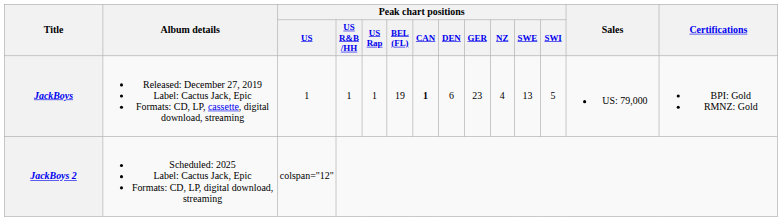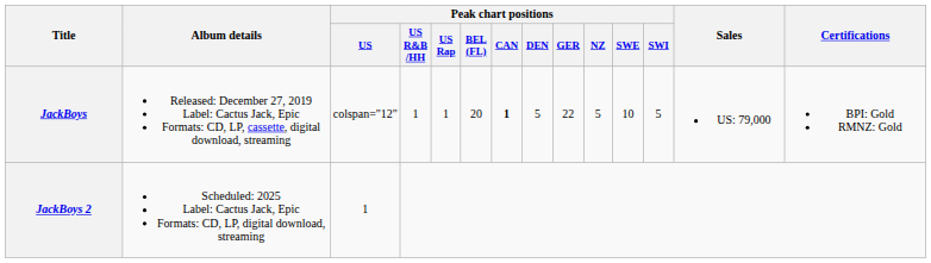 <table class="wikitable plainrowheaders" style="text-align:center;">
 <tr>
 <th scope="col" rowspan="2" style="width:11em;">Title</th>
 <th scope="col" rowspan="2" style="width:20em;">Album details</th>
 <th scope="col" colspan="10">Peak chart positions</th>
 <th scope="col" rowspan="2" style="width:10em;">Sales</th>
 <th scope="col" rowspan="2" style="width:13em;"><a href='#'>Certifications</a></th>
 </tr>
 <tr>
 <th scope="col" style="width:2.5em;font-size:90%;"><a href='#'>US</a><br></th>
 <th scope="col" style="width:2.5em;font-size:90%;"><a href='#'>US<br>R&B<br>/HH</a><br></th>
 <th scope="col" style="width:2.5em;font-size:90%;"><a href='#'>US Rap</a><br></th>
 <th scope="col" style="width:2.5em;font-size:90%;"><a href='#'>BEL<br>(FL)</a><br></th>
 <th scope="col" style="width:2.5em;font-size:90%;"><a href='#'>CAN</a><br></th>
 <th scope="col" style="width:2.5em;font-size:90%;"><a href='#'>DEN</a><br></th>
 <th scope="col" style="width:2.5em;font-size:90%;"><a href='#'>GER</a><br></th>
 <th scope="col" style="width:2.5em;font-size:90%;"><a href='#'>NZ</a><br></th>
 <th scope="col" style="width:2.5em;font-size:90%;"><a href='#'>SWE</a><br></th>
 <th scope="col" style="width:2.5em;font-size:90%;"><a href='#'>SWI</a><br></th>
 </tr>
 <tr>
 <th scope="row"><em><a href='#'>JackBoys</a></em><br></th>
 <td><br><ul><li>Released: December 27, 2019</li><li>Label: Cactus Jack, Epic</li><li>Formats: CD, LP, <a href='#'>cassette</a>, digital download, streaming</li></ul></td>
+<td>colspan="12" </td>
 <td>1</td>
 <td>1</td>
-<td>1</td>
-<td>19</td>
+<td>20</td>
 <td><strong>1</strong></td>
-<td>6</td>
-<td>23</td>
-<td>4</td>
-<td>13</td>
+<td>5</td>
+<td>22</td>
+<td>5</td>
+<td>10</td>
 <td>5</td>
 <td><br><ul><li>US: 79,000</li></ul></td>
 <td><br><ul><li>BPI: Gold</li><li>RMNZ: Gold</li></ul></td>
 </tr>
 <tr>
 <th scope="row"><em><a href='#'>JackBoys 2</a></em><br></th>
 <td><br><ul><li>Scheduled: 2025</li><li>Label: Cactus Jack, Epic</li><li>Formats: CD, LP, digital download, streaming</li></ul></td>
-<td>colspan="12" </td>
+<td>1</td>
 </tr>
 </table>
